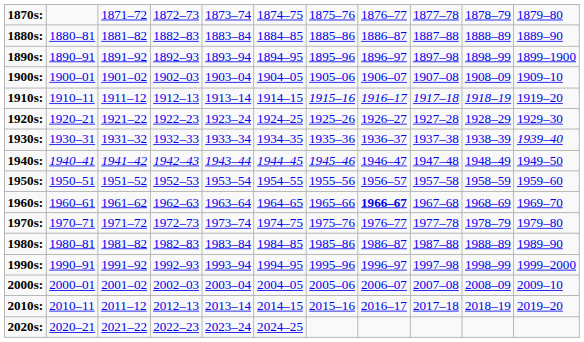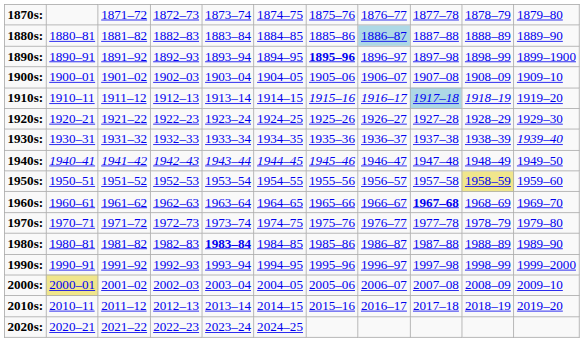 <table class="wikitable">
 <tr>
 <td><strong>1870s:</strong></td>
 <td> </td>
 <td><a href='#'>1871–72</a></td>
 <td><a href='#'>1872–73</a></td>
 <td><a href='#'>1873–74</a></td>
 <td><a href='#'>1874–75</a></td>
 <td><a href='#'>1875–76</a></td>
 <td><a href='#'>1876–77</a></td>
 <td><a href='#'>1877–78</a></td>
 <td><a href='#'>1878–79</a></td>
 <td><a href='#'>1879–80</a></td>
 </tr>
 <tr>
 <td><strong>1880s:</strong></td>
 <td><a href='#'>1880–81</a></td>
 <td><a href='#'>1881–82</a></td>
 <td><a href='#'>1882–83</a></td>
 <td><a href='#'>1883–84</a></td>
 <td><a href='#'>1884–85</a></td>
 <td><a href='#'>1885–86</a></td>
-<td><a href='#'>1886–87</a></td>
+<td style="background: lightblue;"><a href='#'>1886–87</a></td>
 <td><a href='#'>1887–88</a></td>
 <td><a href='#'>1888–89</a></td>
 <td><a href='#'>1889–90</a></td>
 </tr>
 <tr>
 <td><strong>1890s:</strong></td>
 <td><a href='#'>1890–91</a></td>
 <td><a href='#'>1891–92</a></td>
 <td><a href='#'>1892–93</a></td>
 <td><a href='#'>1893–94</a></td>
 <td><a href='#'>1894–95</a></td>
-<td><a href='#'>1895–96</a></td>
+<td><strong><a href='#'>1895–96</a></strong></td>
 <td><a href='#'>1896–97</a></td>
 <td><a href='#'>1897–98</a></td>
 <td><a href='#'>1898–99</a></td>
 <td><a href='#'>1899–1900</a></td>
 </tr>
 <tr>
 <td><strong>1900s:</strong></td>
 <td><a href='#'>1900–01</a></td>
 <td><a href='#'>1901–02</a></td>
 <td><a href='#'>1902–03</a></td>
 <td><a href='#'>1903–04</a></td>
 <td><a href='#'>1904–05</a></td>
 <td><a href='#'>1905–06</a></td>
 <td><a href='#'>1906–07</a></td>
 <td><a href='#'>1907–08</a></td>
 <td><a href='#'>1908–09</a></td>
 <td><a href='#'>1909–10</a></td>
 </tr>
 <tr>
 <td><strong>1910s:</strong></td>
 <td><a href='#'>1910–11</a></td>
 <td><a href='#'>1911–12</a></td>
 <td><a href='#'>1912–13</a></td>
 <td><a href='#'>1913–14</a></td>
 <td><a href='#'>1914–15</a></td>
 <td><em><a href='#'>1915–16</a></em></td>
 <td><em><a href='#'>1916–17</a></em></td>
-<td><em><a href='#'>1917–18</a></em></td>
+<td style="background: lightblue;"><em><a href='#'>1917–18</a></em></td>
 <td><em><a href='#'>1918–19</a></em></td>
 <td><a href='#'>1919–20</a></td>
 </tr>
 <tr>
 <td><strong>1920s:</strong></td>
 <td><a href='#'>1920–21</a></td>
 <td><a href='#'>1921–22</a></td>
 <td><a href='#'>1922–23</a></td>
 <td><a href='#'>1923–24</a></td>
 <td><a href='#'>1924–25</a></td>
 <td><a href='#'>1925–26</a></td>
 <td><a href='#'>1926–27</a></td>
 <td><a href='#'>1927–28</a></td>
 <td><a href='#'>1928–29</a></td>
 <td><a href='#'>1929–30</a></td>
 </tr>
 <tr>
 <td><strong>1930s:</strong></td>
 <td><a href='#'>1930–31</a></td>
 <td><a href='#'>1931–32</a></td>
 <td><a href='#'>1932–33</a></td>
 <td><a href='#'>1933–34</a></td>
 <td><a href='#'>1934–35</a></td>
 <td><a href='#'>1935–36</a></td>
 <td><a href='#'>1936–37</a></td>
 <td><a href='#'>1937–38</a></td>
 <td><a href='#'>1938–39</a></td>
 <td><em><a href='#'>1939–40</a></em></td>
 </tr>
 <tr>
 <td><strong>1940s:</strong></td>
 <td><em><a href='#'>1940–41</a></em></td>
 <td><em><a href='#'>1941–42</a></em></td>
 <td><em><a href='#'>1942–43</a></em></td>
 <td><em><a href='#'>1943–44</a></em></td>
 <td><em><a href='#'>1944–45</a></em></td>
 <td><em><a href='#'>1945–46</a></em></td>
 <td><a href='#'>1946–47</a></td>
 <td><a href='#'>1947–48</a></td>
 <td><a href='#'>1948–49</a></td>
 <td><a href='#'>1949–50</a></td>
 </tr>
 <tr>
 <td><strong>1950s:</strong></td>
 <td><a href='#'>1950–51</a></td>
 <td><a href='#'>1951–52</a></td>
 <td><a href='#'>1952–53</a></td>
 <td><a href='#'>1953–54</a></td>
 <td><a href='#'>1954–55</a></td>
 <td><a href='#'>1955–56</a></td>
 <td><a href='#'>1956–57</a></td>
 <td><a href='#'>1957–58</a></td>
-<td><a href='#'>1958–59</a></td>
+<td style="background: khaki;"><a href='#'>1958–59</a></td>
 <td><a href='#'>1959–60</a></td>
 </tr>
 <tr>
 <td><strong>1960s:</strong></td>
 <td><a href='#'>1960–61</a></td>
 <td><a href='#'>1961–62</a></td>
 <td><a href='#'>1962–63</a></td>
 <td><a href='#'>1963–64</a></td>
 <td><a href='#'>1964–65</a></td>
 <td><a href='#'>1965–66</a></td>
-<td><strong><a href='#'>1966–67</a></strong></td>
-<td><a href='#'>1967–68</a></td>
+<td><a href='#'>1966–67</a></td>
+<td><strong><a href='#'>1967–68</a></strong></td>
 <td><a href='#'>1968–69</a></td>
 <td><a href='#'>1969–70</a></td>
 </tr>
 <tr>
 <td><strong>1970s:</strong></td>
 <td><a href='#'>1970–71</a></td>
 <td><a href='#'>1971–72</a></td>
 <td><a href='#'>1972–73</a></td>
 <td><a href='#'>1973–74</a></td>
 <td><a href='#'>1974–75</a></td>
 <td><a href='#'>1975–76</a></td>
 <td><a href='#'>1976–77</a></td>
 <td><a href='#'>1977–78</a></td>
 <td><a href='#'>1978–79</a></td>
 <td><a href='#'>1979–80</a></td>
 </tr>
 <tr>
 <td><strong>1980s:</strong></td>
 <td><a href='#'>1980–81</a></td>
 <td><a href='#'>1981–82</a></td>
 <td><a href='#'>1982–83</a></td>
-<td><a href='#'>1983–84</a></td>
+<td><strong><a href='#'>1983–84</a></strong></td>
 <td><a href='#'>1984–85</a></td>
 <td><a href='#'>1985–86</a></td>
 <td><a href='#'>1986–87</a></td>
 <td><a href='#'>1987–88</a></td>
 <td><a href='#'>1988–89</a></td>
 <td><a href='#'>1989–90</a></td>
 </tr>
 <tr>
 <td><strong>1990s:</strong></td>
 <td><a href='#'>1990–91</a></td>
 <td><a href='#'>1991–92</a></td>
 <td><a href='#'>1992–93</a></td>
 <td><a href='#'>1993–94</a></td>
 <td><a href='#'>1994–95</a></td>
 <td><a href='#'>1995–96</a></td>
 <td><a href='#'>1996–97</a></td>
 <td><a href='#'>1997–98</a></td>
 <td><a href='#'>1998–99</a></td>
 <td><a href='#'>1999–2000</a></td>
 </tr>
 <tr>
 <td><strong>2000s:</strong></td>
-<td><a href='#'>2000–01</a></td>
+<td style="background: khaki;"><a href='#'>2000–01</a></td>
 <td><a href='#'>2001–02</a></td>
 <td><a href='#'>2002–03</a></td>
 <td><a href='#'>2003–04</a></td>
 <td><a href='#'>2004–05</a></td>
 <td><a href='#'>2005–06</a></td>
 <td><a href='#'>2006–07</a></td>
 <td><a href='#'>2007–08</a></td>
 <td><a href='#'>2008–09</a></td>
 <td><a href='#'>2009–10</a></td>
 </tr>
 <tr>
 <td><strong>2010s:</strong></td>
 <td><a href='#'>2010–11</a></td>
 <td><a href='#'>2011–12</a></td>
 <td><a href='#'>2012–13</a></td>
 <td><a href='#'>2013–14</a></td>
 <td><a href='#'>2014–15</a></td>
 <td><a href='#'>2015–16</a></td>
 <td><a href='#'>2016–17</a></td>
 <td><a href='#'>2017–18</a></td>
 <td><a href='#'>2018–19</a></td>
 <td><a href='#'>2019–20</a></td>
 </tr>
 <tr>
 <td><strong>2020s:</strong></td>
 <td><a href='#'>2020–21</a></td>
 <td><a href='#'>2021–22</a></td>
 <td><a href='#'>2022–23</a></td>
 <td><a href='#'>2023–24</a></td>
 <td><a href='#'>2024–25</a></td>
 <td> </td>
 <td> </td>
 <td> </td>
 <td> </td>
 <td> </td>
 </tr>
 </table>
